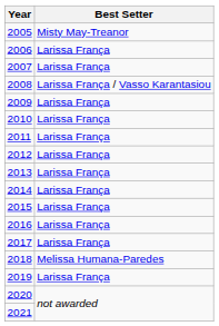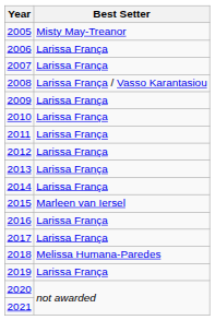 <table class="wikitable sortable" style="display:inline-table;">
 <tr>
 <th>Year</th>
 <th>Best Setter</th>
 </tr>
 <tr>
 <td><a href='#'>2005</a></td>
 <td> <a href='#'>Misty May-Treanor</a></td>
 </tr>
 <tr>
 <td><a href='#'>2006</a></td>
 <td> <a href='#'>Larissa França</a> </td>
 </tr>
 <tr>
 <td><a href='#'>2007</a></td>
 <td> <a href='#'>Larissa França</a> </td>
 </tr>
 <tr>
 <td><a href='#'>2008</a></td>
 <td> <a href='#'>Larissa França</a>  /  <a href='#'>Vasso Karantasiou</a></td>
 </tr>
 <tr>
 <td><a href='#'>2009</a></td>
 <td> <a href='#'>Larissa França</a> </td>
 </tr>
 <tr>
 <td><a href='#'>2010</a></td>
 <td> <a href='#'>Larissa França</a> </td>
 </tr>
 <tr>
 <td><a href='#'>2011</a></td>
 <td> <a href='#'>Larissa França</a> </td>
 </tr>
 <tr>
 <td><a href='#'>2012</a></td>
 <td> <a href='#'>Larissa França</a> </td>
 </tr>
 <tr>
 <td><a href='#'>2013</a></td>
 <td> <a href='#'>Larissa França</a> </td>
 </tr>
 <tr>
 <td><a href='#'>2014</a></td>
 <td> <a href='#'>Larissa França</a> </td>
 </tr>
 <tr>
 <td><a href='#'>2015</a></td>
-<td> <a href='#'>Larissa França</a> </td>
+<td> <a href='#'>Marleen van Iersel</a></td>
 </tr>
 <tr>
 <td><a href='#'>2016</a></td>
 <td> <a href='#'>Larissa França</a> </td>
 </tr>
 <tr>
 <td><a href='#'>2017</a></td>
 <td> <a href='#'>Larissa França</a> </td>
 </tr>
 <tr>
 <td><a href='#'>2018</a></td>
 <td> <a href='#'>Melissa Humana-Paredes</a> </td>
 </tr>
 <tr>
 <td><a href='#'>2019</a></td>
 <td> <a href='#'>Larissa França</a> </td>
 </tr>
 <tr>
 <td><a href='#'>2020</a></td>
 <td rowspan=2><em>not awarded</em></td>
 </tr>
 <tr>
 <td><a href='#'>2021</a></td>
 </tr>
 </table>
